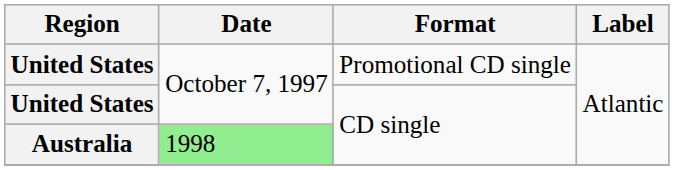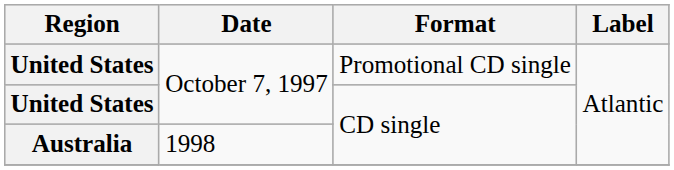 <table class="wikitable plainrowheaders">
 <tr>
 <th scope="col">Region</th>
 <th scope="col">Date</th>
 <th scope="col">Format</th>
 <th scope="col">Label</th>
 </tr>
 <tr>
 <th scope="row">United States</th>
 <td rowspan="2">October 7, 1997</td>
 <td>Promotional CD single</td>
 <td rowspan="3">Atlantic</td>
 </tr>
 <tr>
 <th scope="row">United States</th>
 <td rowspan="2">CD single</td>
 </tr>
 <tr>
 <th scope="row">Australia</th>
-<td style="background: lightgreen;">1998</td>
+<td>1998</td>
 </tr>
 <tr>
 </tr>
 </table>
